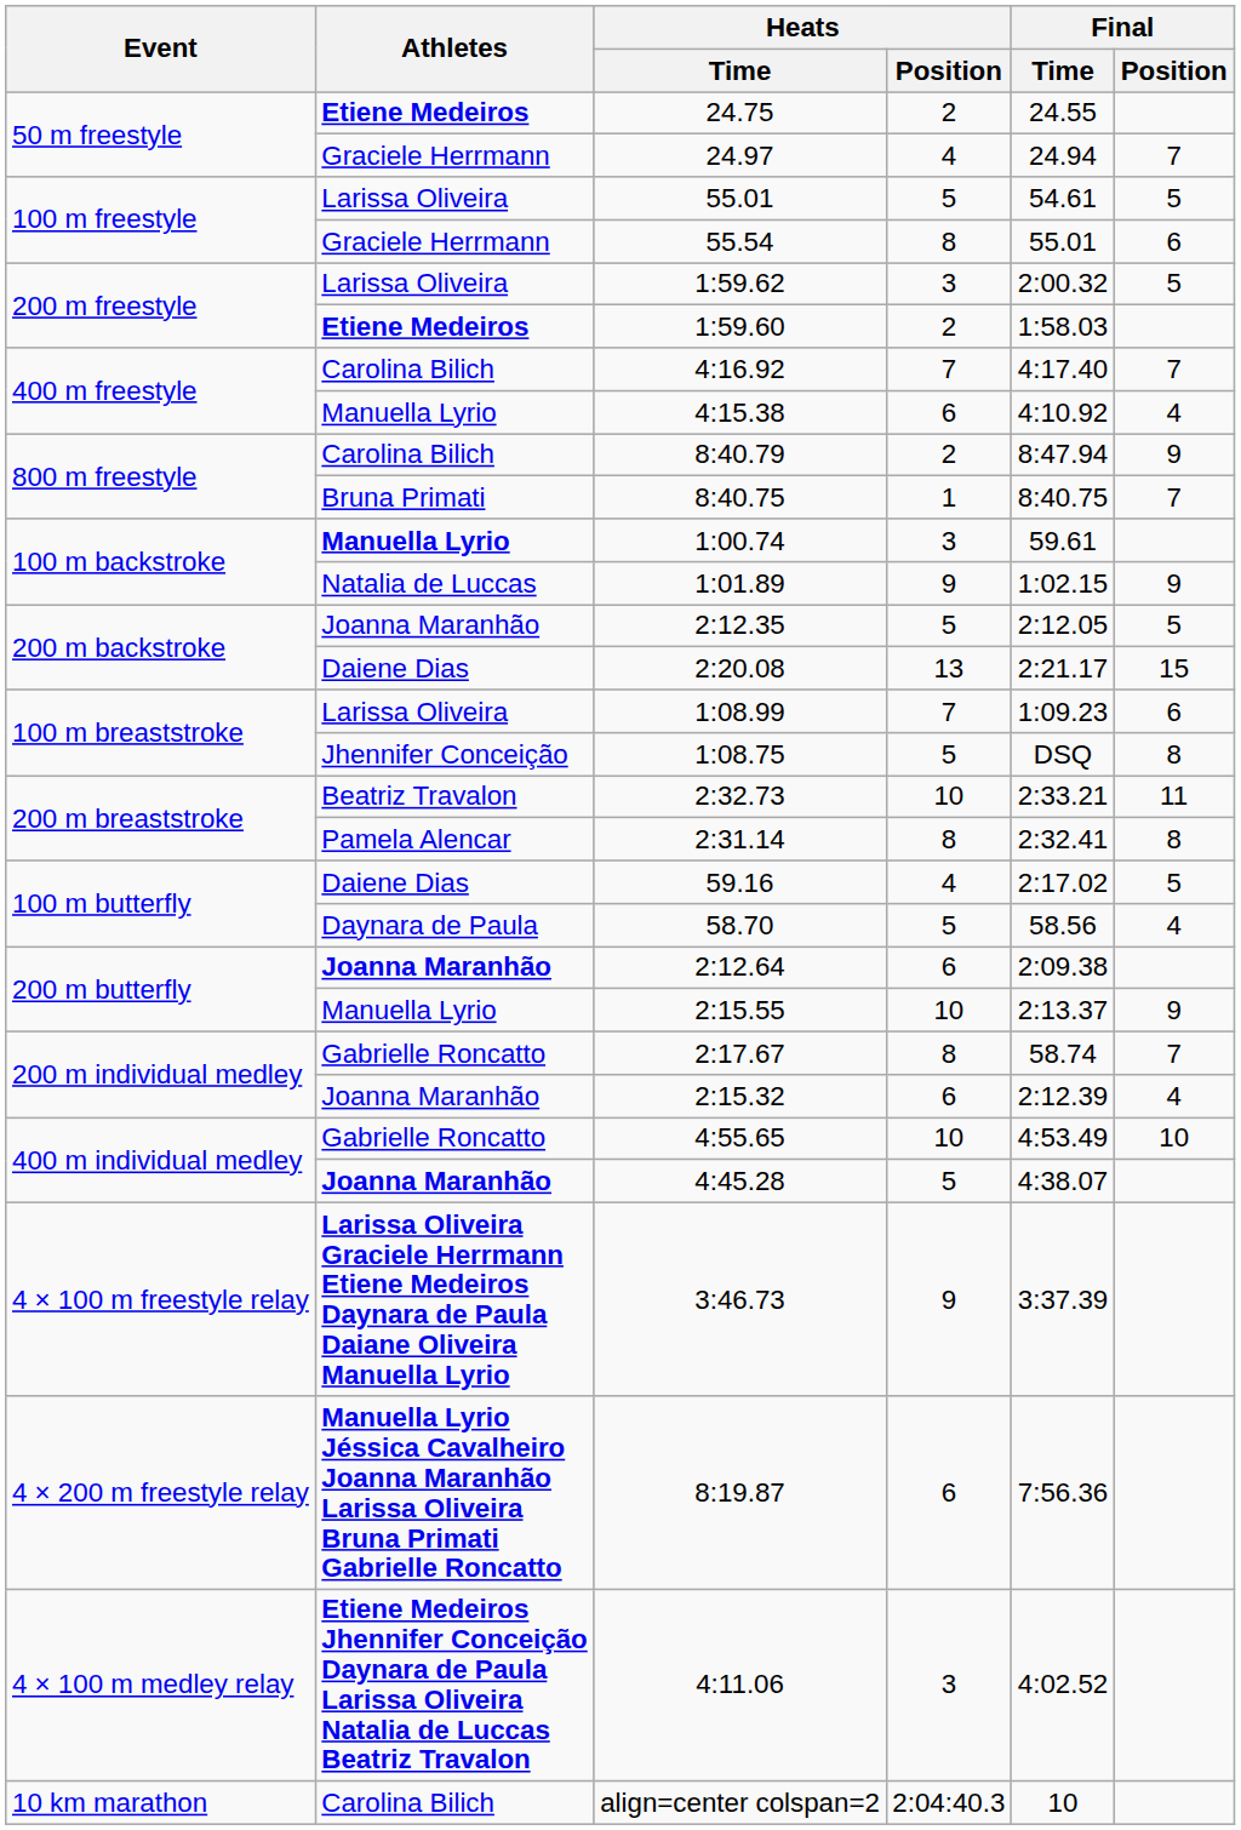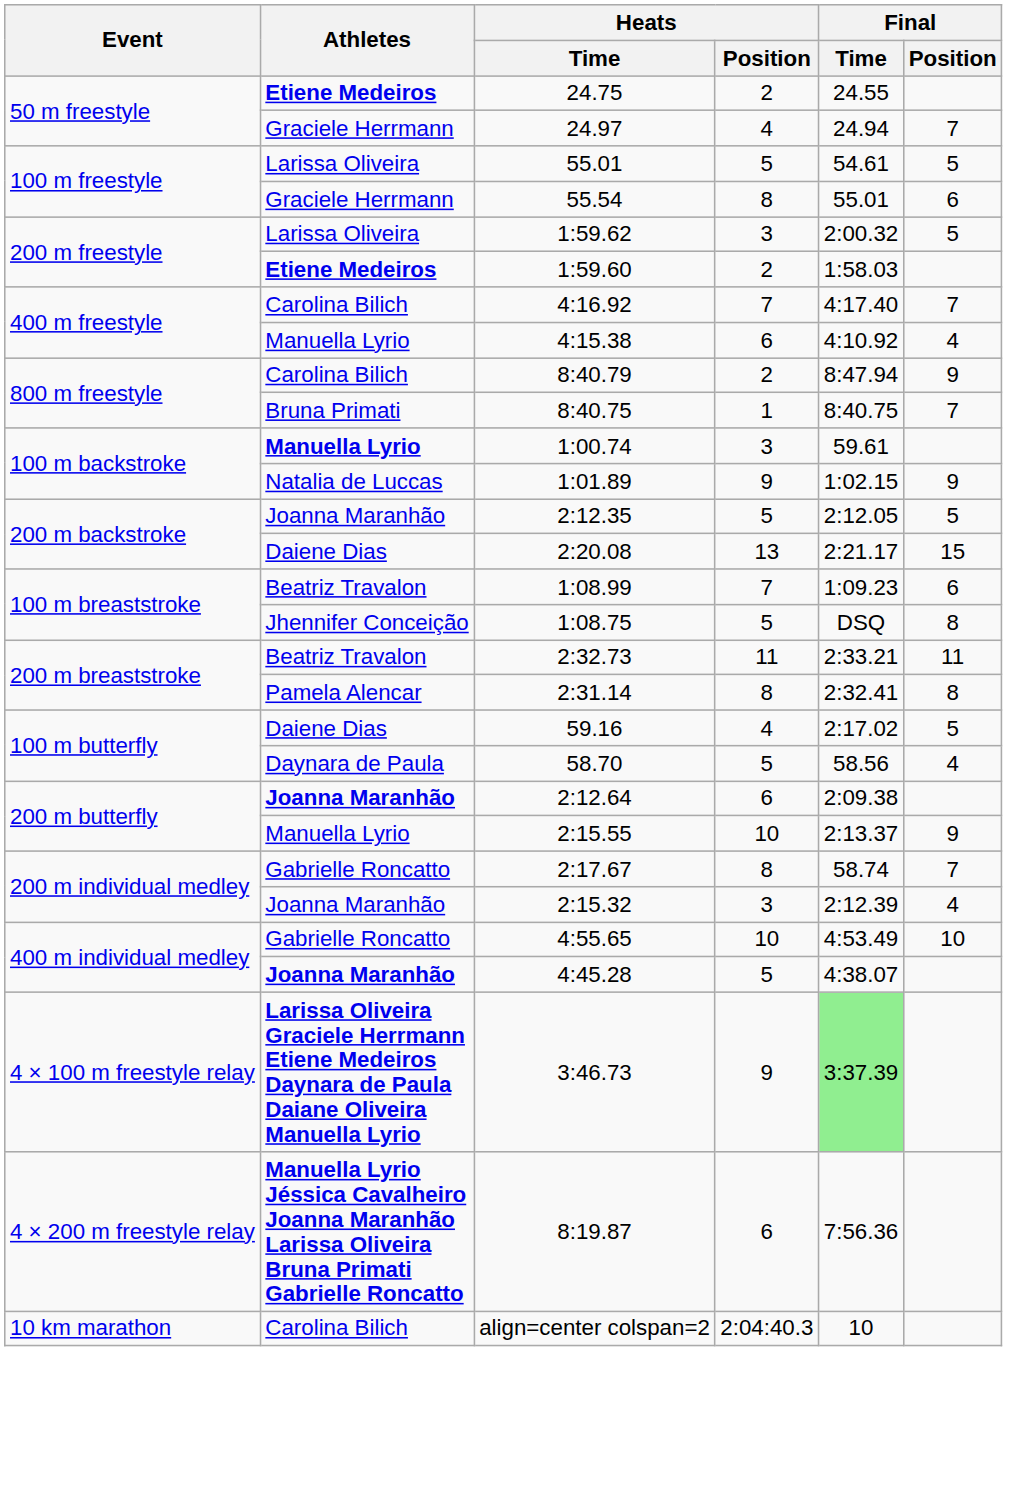 <table class="wikitable" style="font-size:90%">
 <tr>
 <th rowspan=2>Event</th>
 <th rowspan=2>Athletes</th>
 <th colspan=2>Heats</th>
 <th colspan=2>Final</th>
 </tr>
 <tr>
 <th>Time</th>
 <th>Position</th>
 <th>Time</th>
 <th>Position</th>
 </tr>
 <tr>
 <td rowspan=2><a href='#'>50 m freestyle</a></td>
 <td><strong><a href='#'>Etiene Medeiros</a></strong></td>
 <td align=center>24.75</td>
 <td align=center>2</td>
 <td align=center>24.55</td>
 <td align=center></td>
 </tr>
 <tr>
 <td><a href='#'>Graciele Herrmann</a></td>
 <td align=center>24.97</td>
 <td align=center>4</td>
 <td align=center>24.94</td>
 <td align=center>7</td>
 </tr>
 <tr>
 <td rowspan=2><a href='#'>100 m freestyle</a></td>
 <td><a href='#'>Larissa Oliveira</a></td>
 <td align=center>55.01</td>
 <td align=center>5</td>
 <td align=center>54.61</td>
 <td align=center>5</td>
 </tr>
 <tr>
 <td><a href='#'>Graciele Herrmann</a></td>
 <td align=center>55.54</td>
 <td align=center>8</td>
 <td align=center>55.01</td>
 <td align=center>6</td>
 </tr>
 <tr>
 <td rowspan=2><a href='#'>200 m freestyle</a></td>
 <td><a href='#'>Larissa Oliveira</a></td>
 <td align=center>1:59.62</td>
 <td align=center>3</td>
 <td align=center>2:00.32</td>
 <td align=center>5</td>
 </tr>
 <tr>
 <td><strong><a href='#'>Etiene Medeiros</a></strong></td>
 <td align=center>1:59.60</td>
 <td align=center>2</td>
 <td align=center>1:58.03</td>
 <td align=center></td>
 </tr>
 <tr>
 <td rowspan=2><a href='#'>400 m freestyle</a></td>
 <td><a href='#'>Carolina Bilich</a></td>
 <td align=center>4:16.92</td>
 <td align=center>7</td>
 <td align=center>4:17.40</td>
 <td align=center>7</td>
 </tr>
 <tr>
 <td><a href='#'>Manuella Lyrio</a></td>
 <td align=center>4:15.38</td>
 <td align=center>6</td>
 <td align=center>4:10.92</td>
 <td align=center>4</td>
 </tr>
 <tr>
 <td rowspan=2><a href='#'>800 m freestyle</a></td>
 <td><a href='#'>Carolina Bilich</a></td>
 <td align=center>8:40.79</td>
 <td align=center>2</td>
 <td align=center>8:47.94</td>
 <td align=center>9</td>
 </tr>
 <tr>
 <td><a href='#'>Bruna Primati</a></td>
 <td align=center>8:40.75</td>
 <td align=center>1</td>
 <td align=center>8:40.75</td>
 <td align=center>7</td>
 </tr>
 <tr>
 <td rowspan=2><a href='#'>100 m backstroke</a></td>
 <td><strong><a href='#'>Manuella Lyrio</a></strong></td>
 <td align=center>1:00.74</td>
 <td align=center>3</td>
 <td align=center>59.61</td>
 <td align=center></td>
 </tr>
 <tr>
 <td><a href='#'>Natalia de Luccas</a></td>
 <td align=center>1:01.89</td>
 <td align=center>9</td>
 <td align=center>1:02.15</td>
 <td align=center>9</td>
 </tr>
 <tr>
 <td rowspan=2><a href='#'>200 m backstroke</a></td>
 <td><a href='#'>Joanna Maranhão</a></td>
 <td align=center>2:12.35</td>
 <td align=center>5</td>
 <td align=center>2:12.05</td>
 <td align=center>5</td>
 </tr>
 <tr>
 <td><a href='#'>Daiene Dias</a></td>
 <td align=center>2:20.08</td>
 <td align=center>13</td>
 <td align=center>2:21.17</td>
 <td align=center>15</td>
 </tr>
 <tr>
 <td rowspan=2><a href='#'>100 m breaststroke</a></td>
-<td><a href='#'>Larissa Oliveira</a></td>
+<td><a href='#'>Beatriz Travalon</a></td>
 <td align=center>1:08.99</td>
 <td align=center>7</td>
 <td align=center>1:09.23</td>
 <td align=center>6</td>
 </tr>
 <tr>
 <td><a href='#'>Jhennifer Conceição</a></td>
 <td align=center>1:08.75</td>
 <td align=center>5</td>
 <td align=center>DSQ</td>
 <td align=center>8</td>
 </tr>
 <tr>
 <td rowspan=2><a href='#'>200 m breaststroke</a></td>
 <td><a href='#'>Beatriz Travalon</a></td>
 <td align=center>2:32.73</td>
-<td align=center>10</td>
+<td align=center>11</td>
 <td align=center>2:33.21</td>
 <td align=center>11</td>
 </tr>
 <tr>
 <td><a href='#'>Pamela Alencar</a></td>
 <td align=center>2:31.14</td>
 <td align=center>8</td>
 <td align=center>2:32.41</td>
 <td align=center>8</td>
 </tr>
 <tr>
 <td rowspan=2><a href='#'>100 m butterfly</a></td>
 <td><a href='#'>Daiene Dias</a></td>
 <td align=center>59.16</td>
 <td align=center>4</td>
 <td align=center>2:17.02</td>
 <td align=center>5</td>
 </tr>
 <tr>
 <td><a href='#'>Daynara de Paula</a></td>
 <td align=center>58.70</td>
 <td align=center>5</td>
 <td align=center>58.56</td>
 <td align=center>4</td>
 </tr>
 <tr>
 <td rowspan=2><a href='#'>200 m butterfly</a></td>
 <td><strong><a href='#'>Joanna Maranhão</a></strong></td>
 <td align=center>2:12.64</td>
 <td align=center>6</td>
 <td align=center>2:09.38</td>
 <td align=center></td>
 </tr>
 <tr>
 <td><a href='#'>Manuella Lyrio</a></td>
 <td align=center>2:15.55</td>
 <td align=center>10</td>
 <td align=center>2:13.37</td>
 <td align=center>9</td>
 </tr>
 <tr>
 <td rowspan=2><a href='#'>200 m individual medley</a></td>
 <td><a href='#'>Gabrielle Roncatto</a></td>
 <td align=center>2:17.67</td>
 <td align=center>8</td>
 <td align=center>58.74</td>
 <td align=center>7</td>
 </tr>
 <tr>
 <td><a href='#'>Joanna Maranhão</a></td>
 <td align=center>2:15.32</td>
-<td align=center>6</td>
+<td align=center>3</td>
 <td align=center>2:12.39</td>
 <td align=center>4</td>
 </tr>
 <tr>
 <td rowspan=2><a href='#'>400 m individual medley</a></td>
 <td><a href='#'>Gabrielle Roncatto</a></td>
 <td align=center>4:55.65</td>
 <td align=center>10</td>
 <td align=center>4:53.49</td>
 <td align=center>10</td>
 </tr>
 <tr>
 <td><strong><a href='#'>Joanna Maranhão</a></strong></td>
 <td align=center>4:45.28</td>
 <td align=center>5</td>
 <td align=center>4:38.07</td>
 <td align=center></td>
 </tr>
 <tr>
 <td><a href='#'>4 × 100 m freestyle relay</a></td>
 <td><strong><a href='#'>Larissa Oliveira</a></strong><br><strong><a href='#'>Graciele Herrmann</a></strong><br><strong><a href='#'>Etiene Medeiros</a></strong><br><strong><a href='#'>Daynara de Paula</a></strong><br><strong><a href='#'>Daiane Oliveira</a></strong><br><strong><a href='#'>Manuella Lyrio</a></strong></td>
 <td align=center>3:46.73</td>
 <td align=center>9</td>
-<td align=center>3:37.39</td>
+<td align=center style="background: lightgreen;">3:37.39</td>
 <td align=center></td>
 </tr>
 <tr>
 <td><a href='#'>4 × 200 m freestyle relay</a></td>
 <td><strong><a href='#'>Manuella Lyrio</a></strong><br><strong><a href='#'>Jéssica Cavalheiro</a></strong><br><strong><a href='#'>Joanna Maranhão</a></strong><br><strong><a href='#'>Larissa Oliveira</a></strong><br><strong><a href='#'>Bruna Primati</a></strong><br><strong><a href='#'>Gabrielle Roncatto</a></strong></td>
 <td align=center>8:19.87</td>
 <td align=center>6</td>
 <td align=center>7:56.36</td>
 <td align=center></td>
 </tr>
 <tr>
-<td><a href='#'>4 × 100 m medley relay</a></td>
-<td><strong><a href='#'>Etiene Medeiros</a></strong><br><strong><a href='#'>Jhennifer Conceição</a></strong><br><strong><a href='#'>Daynara de Paula</a></strong><br><strong><a href='#'>Larissa Oliveira</a></strong><br><strong><a href='#'>Natalia de Luccas</a></strong><br><strong><a href='#'>Beatriz Travalon</a></strong></td>
-<td align=center>4:11.06</td>
-<td align=center>3</td>
-<td align=center>4:02.52</td>
-<td align=center></td>
-</tr>
-<tr>
 <td><a href='#'>10 km marathon</a></td>
 <td><a href='#'>Carolina Bilich</a></td>
 <td>align=center colspan=2 </td>
 <td align=center>2:04:40.3</td>
 <td align=center>10</td>
 </tr>
 </table>
